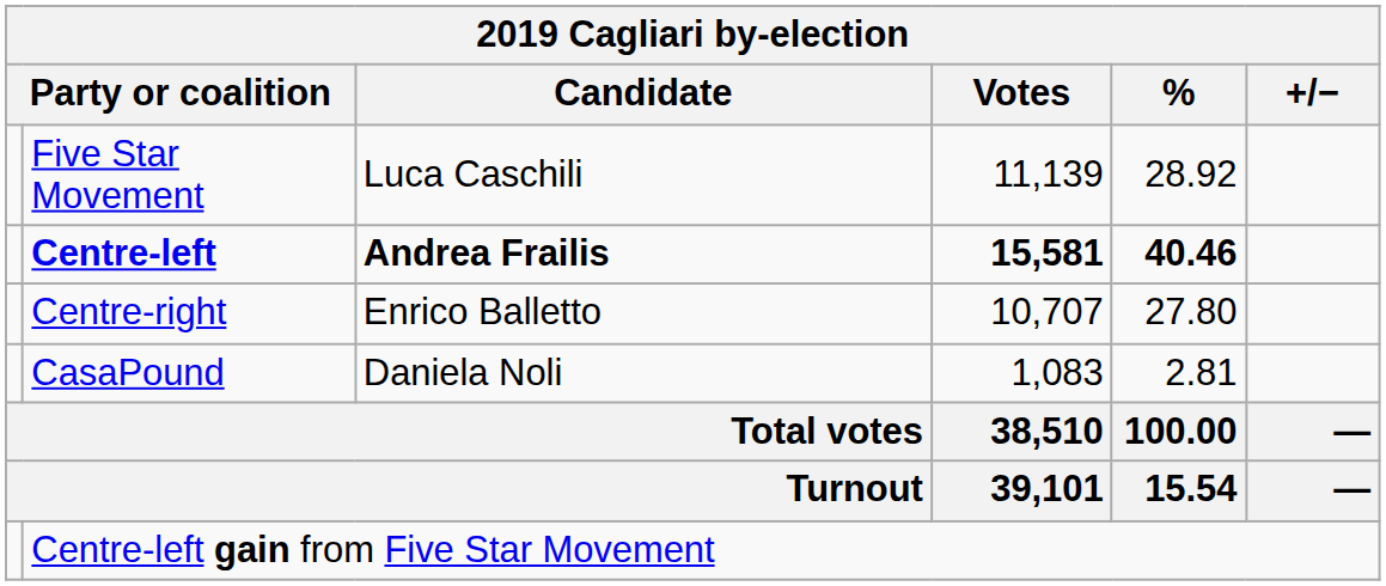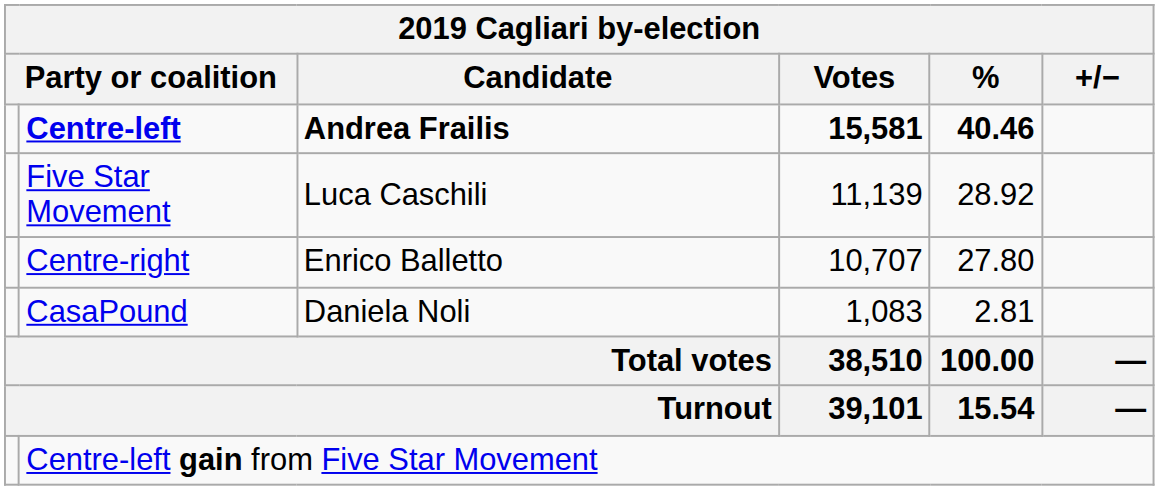 <table class = "wikitable" style="font-size:99%;">
 <tr>
 <td colspan=6 style = "background-color:#F2F2F2; text-align:center;"><strong>2019 Cagliari by-election</strong></td>
 </tr>
 <tr>
 <th colspan=2>Party or coalition</th>
 <th>Candidate</th>
 <th>Votes</th>
 <th>%</th>
 <th>+/−</th>
 </tr>
 <tr>
 <td style="background-color:"></td>
+<td style = "width: 135px;"><strong><a href='#'>Centre-left</a></strong></td>
+<td style = "width: 240px;"><strong>Andrea Frailis</strong></td>
+<td style = "width: 70px; text-align:right;"><strong>15,581</strong></td>
+<td style = "width: 50px; text-align:right;"><strong>40.46</strong></td>
+<td style = "width: 50px; text-align:right;"></td>
+</tr>
+<tr>
+<td style="background-color:"></td>
 <td><a href='#'>Five Star Movement</a></td>
 <td>Luca Caschili</td>
 <td style = "text-align:right;">11,139</td>
 <td style = "text-align:right;">28.92</td>
 <td style = "text-align:right;"></td>
-</tr>
-<tr>
-<td style="background-color:"></td>
-<td style = "width: 135px;"><strong><a href='#'>Centre-left</a></strong></td>
-<td style = "width: 240px;"><strong>Andrea Frailis</strong></td>
-<td style = "width: 70px; text-align:right;"><strong>15,581</strong></td>
-<td style = "width: 50px; text-align:right;"><strong>40.46</strong></td>
-<td style = "width: 50px; text-align:right;"></td>
 </tr>
 <tr>
 <td style="background-color:"></td>
 <td><a href='#'>Centre-right</a></td>
 <td>Enrico Balletto</td>
 <td style = "text-align:right;">10,707</td>
 <td style = "text-align:right;">27.80</td>
 <td style = "text-align:right;"></td>
 </tr>
 <tr>
 <td style="background-color:"></td>
 <td><a href='#'>CasaPound</a></td>
 <td>Daniela Noli</td>
 <td style = "text-align:right;">1,083</td>
 <td style = "text-align:right;">2.81</td>
 <td style = "text-align:right;"></td>
 </tr>
 <tr>
 <td colspan=3 style = "background-color:#F2F2F2; text-align:right;"><strong>Total votes</strong></td>
 <td style = "background-color:#F2F2F2; text-align:right;"><strong>38,510</strong></td>
 <td style = "background-color:#F2F2F2; text-align:right;"><strong>100.00</strong></td>
 <td style = "background-color:#F2F2F2; text-align:right;"><strong>—</strong></td>
 </tr>
 <tr>
 <td colspan=3 style = "background-color:#F2F2F2; text-align:right;"><strong>Turnout</strong></td>
 <td style = "background-color:#F2F2F2; text-align:right;"><strong>39,101</strong></td>
 <td style = "background-color:#F2F2F2; text-align:right;"><strong>15.54</strong></td>
 <td style = "background-color:#F2F2F2; text-align:right;"><strong>—</strong></td>
 </tr>
 <tr>
 <td style="background-color:"></td>
 <td colspan=5 style = "text-align:left;"><a href='#'>Centre-left</a> <strong>gain</strong> from <a href='#'>Five Star Movement</a></td>
 </tr>
 </table>
